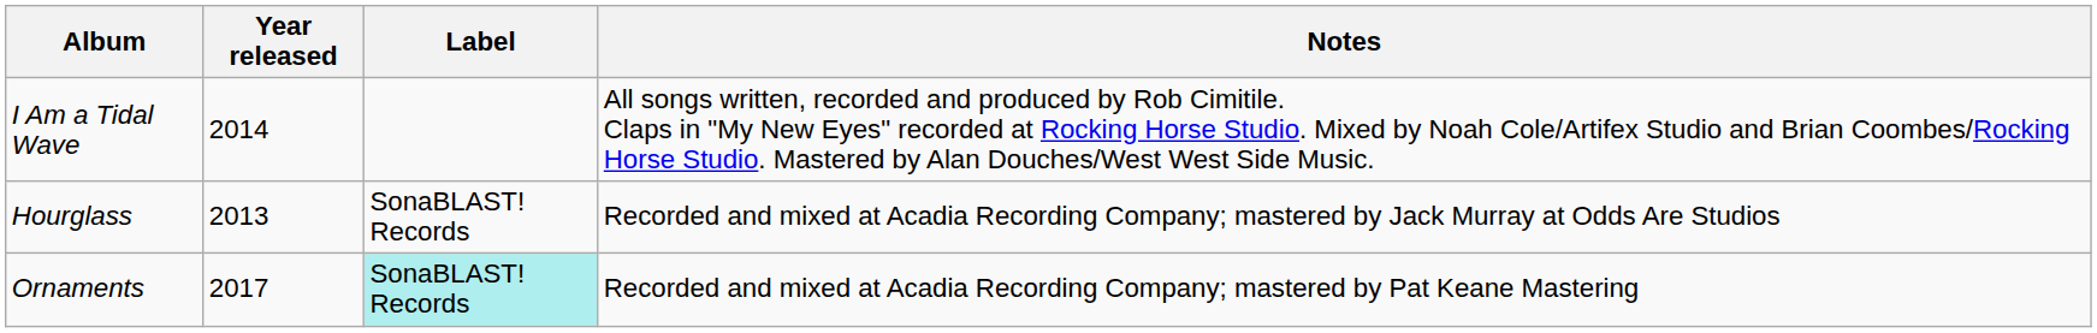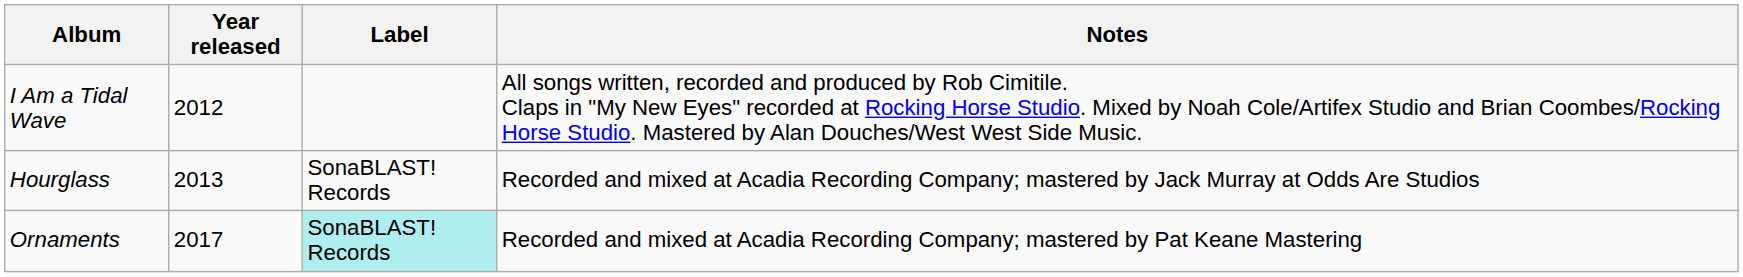 <table class="wikitable">
 <tr>
 <th>Album</th>
 <th>Year released</th>
 <th>Label</th>
 <th>Notes</th>
 </tr>
 <tr>
 <td><em>I Am a Tidal Wave</em></td>
-<td>2014</td>
+<td>2012</td>
 <td></td>
 <td>All songs written, recorded and produced by Rob Cimitile.<br>Claps in "My New Eyes" recorded at <a href='#'>Rocking Horse Studio</a>. Mixed by Noah Cole/Artifex Studio and Brian Coombes/<a href='#'>Rocking Horse Studio</a>. Mastered by Alan Douches/West West Side Music.</td>
 </tr>
 <tr>
 <td><em>Hourglass</em></td>
 <td>2013</td>
 <td>SonaBLAST! Records</td>
 <td>Recorded and mixed at Acadia Recording Company; mastered by Jack Murray at Odds Are Studios</td>
 </tr>
 <tr>
 <td><em>Ornaments</em></td>
 <td>2017</td>
 <td style="background: paleturquoise;">SonaBLAST! Records</td>
 <td>Recorded and mixed at Acadia Recording Company; mastered by Pat Keane Mastering</td>
 </tr>
 </table>
